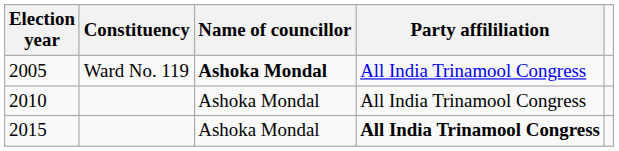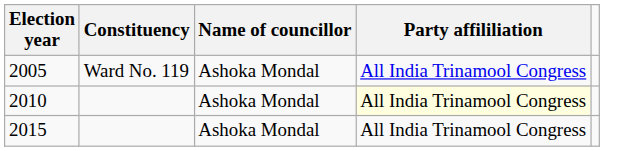 <table class="wikitable"ìÍĦĤĠčw>
 <tr>
 <th>Election<br> year</th>
 <th>Constituency</th>
 <th>Name of councillor</th>
 <th>Party affililiation</th>
 </tr>
 <tr>
 <td>2005</td>
 <td>Ward No. 119</td>
-<td><strong>Ashoka Mondal</strong></td>
+<td>Ashoka Mondal</td>
 <td><a href='#'>All India Trinamool Congress</a></td>
 <td></td>
 </tr>
 <tr>
 <td>2010</td>
 <td></td>
 <td>Ashoka Mondal</td>
-<td>All India Trinamool Congress</td>
+<td style="background: lightyellow;">All India Trinamool Congress</td>
 <td></td>
 </tr>
 <tr>
 <td>2015</td>
 <td></td>
 <td>Ashoka Mondal</td>
-<td><strong>All India Trinamool Congress</strong></td>
+<td>All India Trinamool Congress</td>
 <td></td>
 </tr>
 </table>
